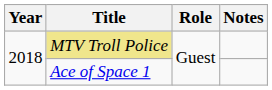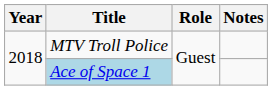 <table class="wikitable">
 <tr>
 <th>Year</th>
 <th>Title</th>
 <th>Role</th>
 <th>Notes</th>
 </tr>
 <tr>
 <td rowspan="2">2018</td>
-<td style="background: khaki;"><em>MTV Troll Police</em></td>
+<td><em>MTV Troll Police</em></td>
 <td rowspan="2">Guest</td>
 <td></td>
 </tr>
 <tr>
-<td><em><a href='#'>Ace of Space 1</a></em></td>
+<td style="background: lightblue;"><em><a href='#'>Ace of Space 1</a></em></td>
 <td></td>
 </tr>
 </table>
